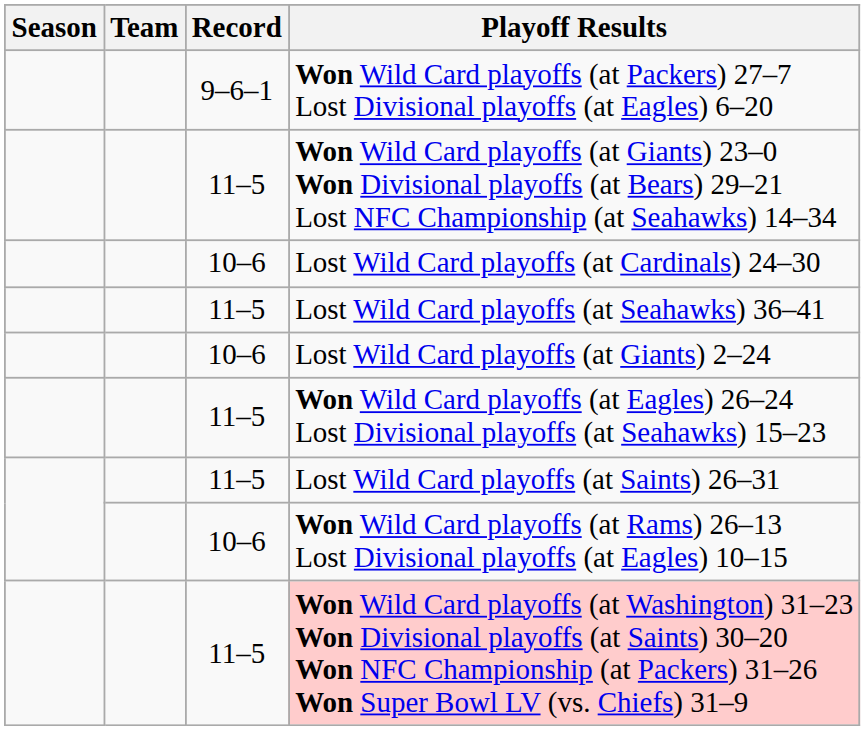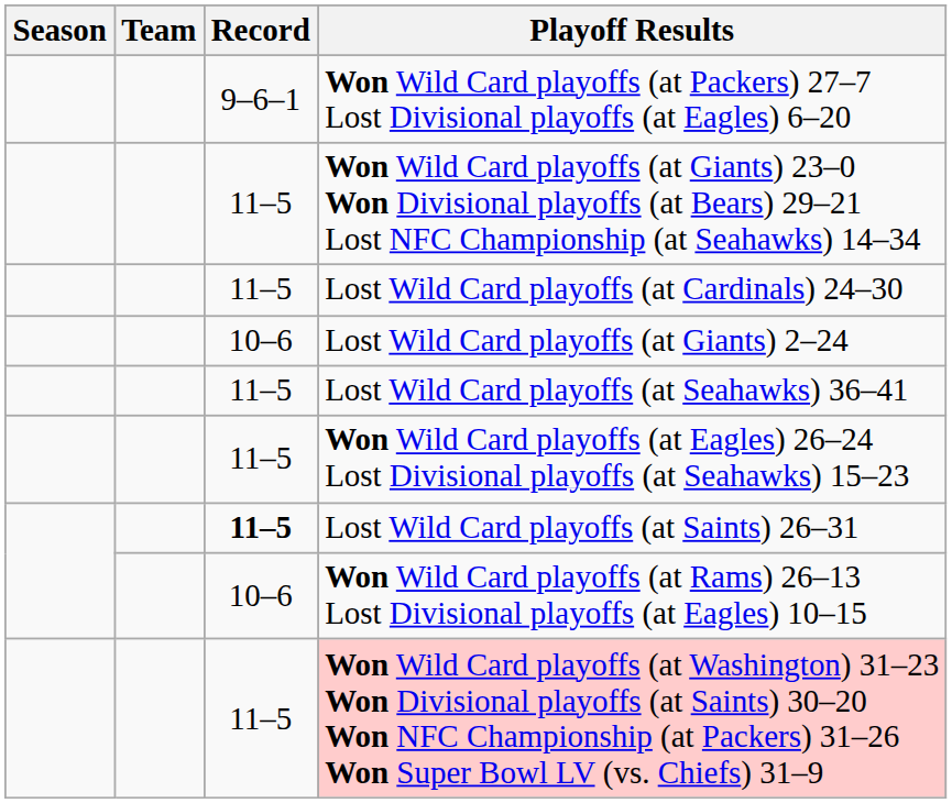 <table class="wikitable">
 <tr>
 <th>Season</th>
 <th>Team</th>
 <th>Record</th>
 <th>Playoff Results</th>
 </tr>
 <tr>
 <td></td>
 <td><strong><a href='#'></a></strong></td>
 <td align="center">9–6–1</td>
 <td><strong>Won</strong> <a href='#'>Wild Card playoffs</a> (at <a href='#'>Packers</a>) 27–7<br>Lost <a href='#'>Divisional playoffs</a> (at <a href='#'>Eagles</a>) 6–20</td>
 </tr>
 <tr>
 <td></td>
 <td><strong><a href='#'></a></strong></td>
 <td align="center">11–5</td>
 <td><strong>Won</strong> <a href='#'>Wild Card playoffs</a> (at <a href='#'>Giants</a>) 23–0<br><strong>Won</strong> <a href='#'>Divisional playoffs</a> (at <a href='#'>Bears</a>) 29–21<br>Lost <a href='#'>NFC Championship</a> (at <a href='#'>Seahawks</a>) 14–34</td>
 </tr>
 <tr>
 <td></td>
 <td><strong><a href='#'></a></strong></td>
-<td align="center">10–6</td>
+<td align="center">11–5</td>
 <td>Lost <a href='#'>Wild Card playoffs</a> (at <a href='#'>Cardinals</a>) 24–30</td>
-</tr>
-<tr>
-<td></td>
-<td><strong><a href='#'></a></strong></td>
-<td align="center">11–5</td>
-<td>Lost <a href='#'>Wild Card playoffs</a> (at <a href='#'>Seahawks</a>) 36–41</td>
 </tr>
 <tr>
 <td></td>
 <td><strong><a href='#'></a></strong></td>
 <td align="center">10–6</td>
 <td>Lost <a href='#'>Wild Card playoffs</a> (at <a href='#'>Giants</a>) 2–24</td>
 </tr>
 <tr>
 <td></td>
 <td><strong><a href='#'></a></strong></td>
 <td align="center">11–5</td>
+<td>Lost <a href='#'>Wild Card playoffs</a> (at <a href='#'>Seahawks</a>) 36–41</td>
+</tr>
+<tr>
+<td></td>
+<td><strong><a href='#'></a></strong></td>
+<td align="center">11–5</td>
 <td><strong>Won</strong> <a href='#'>Wild Card playoffs</a> (at <a href='#'>Eagles</a>) 26–24 <br> Lost <a href='#'>Divisional playoffs</a> (at <a href='#'>Seahawks</a>) 15–23</td>
 </tr>
 <tr>
 <td rowspan="2"></td>
 <td><strong><a href='#'></a></strong></td>
-<td align="center">11–5</td>
+<td align="center"><strong>11–5</strong></td>
 <td>Lost <a href='#'>Wild Card playoffs</a> (at <a href='#'>Saints</a>) 26–31</td>
 </tr>
 <tr>
 <td><strong><a href='#'></a></strong></td>
 <td align="center">10–6</td>
 <td><strong>Won</strong> <a href='#'>Wild Card playoffs</a> (at <a href='#'>Rams</a>) 26–13 <br> Lost <a href='#'>Divisional playoffs</a> (at <a href='#'>Eagles</a>) 10–15</td>
 </tr>
 <tr>
 <td></td>
 <td><strong><a href='#'></a></strong></td>
 <td align="center">11–5</td>
 <td bgcolor="#ffcccc"><strong>Won</strong> <a href='#'>Wild Card playoffs</a> (at <a href='#'>Washington</a>) 31–23 <br><strong>Won</strong> <a href='#'>Divisional playoffs</a> (at <a href='#'>Saints</a>) 30–20 <br> <strong>Won</strong> <a href='#'>NFC Championship</a> (at <a href='#'>Packers</a>) 31–26 <br> <strong>Won</strong> <a href='#'>Super Bowl LV</a> (vs. <a href='#'>Chiefs</a>) 31–9</td>
 </tr>
 </table>
